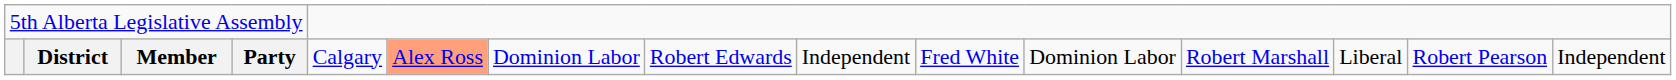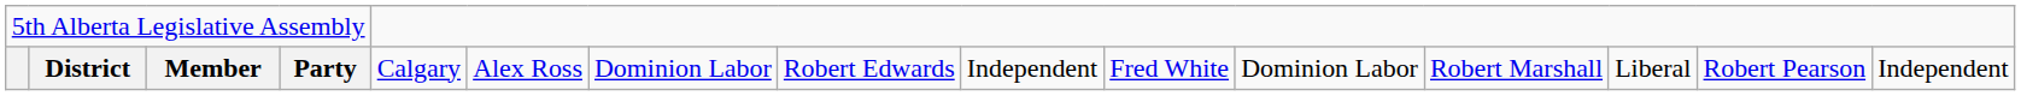 <table class="wikitable">
 <tr>
 <td colspan="4"><a href='#'>5th Alberta Legislative Assembly</a></td>
 </tr>
 <tr>
 <th> </th>
 <th>District</th>
 <th>Member</th>
 <th>Party<br></th>
 <td rowspan=5><a href='#'>Calgary</a></td>
-<td style="background: lightsalmon;"><a href='#'>Alex Ross</a></td>
+<td><a href='#'>Alex Ross</a></td>
 <td><a href='#'>Dominion Labor</a><br></td>
 <td><a href='#'>Robert Edwards</a></td>
 <td>Independent<br></td>
 <td><a href='#'>Fred White</a></td>
 <td>Dominion Labor<br></td>
 <td><a href='#'>Robert Marshall</a></td>
 <td>Liberal<br></td>
 <td><a href='#'>Robert Pearson</a></td>
 <td>Independent</td>
 </tr>
 </table>
